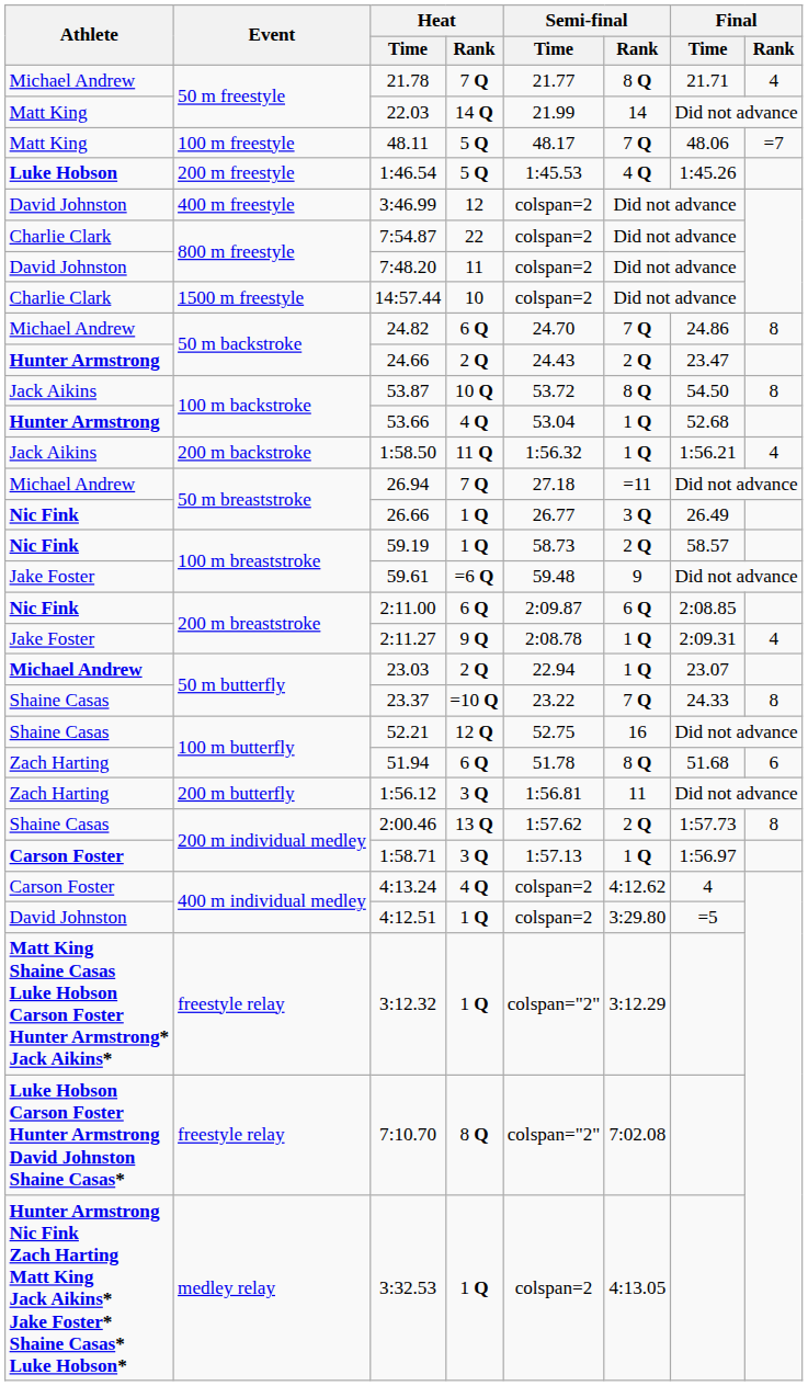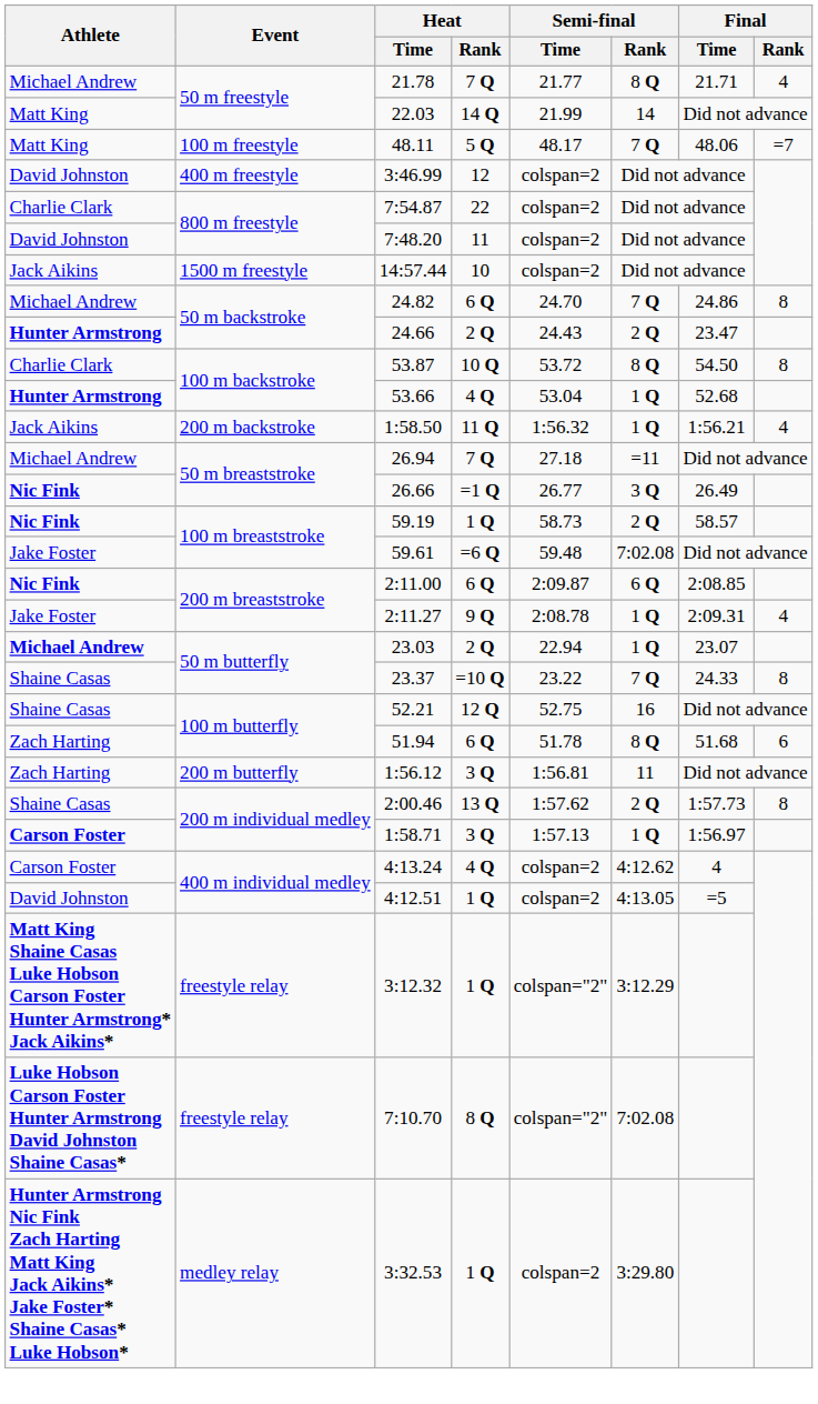 <table class="wikitable" style="text-align:center; font-size:90%">
 <tr>
 <th rowspan="2">Athlete</th>
 <th rowspan="2">Event</th>
 <th colspan="2">Heat</th>
 <th colspan="2">Semi-final</th>
 <th colspan="2">Final</th>
 </tr>
 <tr style="font-size:95%">
 <th>Time</th>
 <th>Rank</th>
 <th>Time</th>
 <th>Rank</th>
 <th>Time</th>
 <th>Rank</th>
 </tr>
 <tr>
 <td align=left><a href='#'>Michael Andrew</a></td>
 <td align=left rowspan=2><a href='#'>50 m freestyle</a></td>
 <td>21.78</td>
 <td>7 <strong>Q</strong></td>
 <td>21.77</td>
 <td>8 <strong>Q</strong></td>
 <td>21.71</td>
 <td>4</td>
 </tr>
 <tr>
 <td align=left><a href='#'>Matt King</a></td>
 <td>22.03</td>
 <td>14 <strong>Q</strong></td>
 <td>21.99</td>
 <td>14</td>
 <td colspan="2">Did not advance</td>
 </tr>
 <tr>
 <td align=left><a href='#'>Matt King</a></td>
 <td align=left><a href='#'>100 m freestyle</a></td>
 <td>48.11</td>
 <td>5 <strong>Q</strong></td>
 <td>48.17</td>
 <td>7 <strong>Q</strong></td>
 <td>48.06</td>
 <td>=7</td>
 </tr>
 <tr>
-<td align=left><strong><a href='#'>Luke Hobson</a></strong></td>
-<td align=left><a href='#'>200 m freestyle</a></td>
-<td>1:46.54</td>
-<td>5 <strong>Q</strong></td>
-<td>1:45.53</td>
-<td>4 <strong>Q</strong></td>
-<td>1:45.26</td>
-<td></td>
-</tr>
-<tr>
 <td align=left><a href='#'>David Johnston</a></td>
 <td align=left><a href='#'>400 m freestyle</a></td>
 <td>3:46.99</td>
 <td>12</td>
 <td>colspan=2 </td>
 <td colspan=2>Did not advance</td>
 </tr>
 <tr>
 <td align=left><a href='#'>Charlie Clark</a></td>
 <td align=left rowspan=2><a href='#'>800 m freestyle</a></td>
 <td>7:54.87</td>
 <td>22</td>
 <td>colspan=2 </td>
 <td colspan=2>Did not advance</td>
 </tr>
 <tr>
 <td align=left><a href='#'>David Johnston</a></td>
 <td>7:48.20</td>
 <td>11</td>
 <td>colspan=2 </td>
 <td colspan=2>Did not advance</td>
 </tr>
 <tr>
-<td align=left><a href='#'>Charlie Clark</a></td>
+<td align=left><a href='#'>Jack Aikins</a></td>
 <td align=left><a href='#'>1500 m freestyle</a></td>
 <td>14:57.44</td>
 <td>10</td>
 <td>colspan=2 </td>
 <td colspan=2>Did not advance</td>
 </tr>
 <tr>
 <td align=left><a href='#'>Michael Andrew</a></td>
 <td align=left rowspan=2><a href='#'>50 m backstroke</a></td>
 <td>24.82</td>
 <td>6 <strong>Q</strong></td>
 <td>24.70</td>
 <td>7 <strong>Q</strong></td>
 <td>24.86</td>
 <td>8</td>
 </tr>
 <tr>
 <td align=left><strong><a href='#'>Hunter Armstrong</a></strong></td>
 <td>24.66</td>
 <td>2 <strong>Q</strong></td>
 <td>24.43</td>
 <td>2 <strong>Q</strong></td>
 <td>23.47</td>
 <td></td>
 </tr>
 <tr>
-<td align=left><a href='#'>Jack Aikins</a></td>
+<td align=left><a href='#'>Charlie Clark</a></td>
 <td align=left rowspan=2><a href='#'>100 m backstroke</a></td>
 <td>53.87</td>
 <td>10 <strong>Q</strong></td>
 <td>53.72</td>
 <td>8 <strong>Q</strong></td>
 <td>54.50</td>
 <td>8</td>
 </tr>
 <tr>
 <td align=left><strong><a href='#'>Hunter Armstrong</a></strong></td>
 <td>53.66</td>
 <td>4 <strong>Q</strong></td>
 <td>53.04</td>
 <td>1 <strong>Q</strong></td>
 <td>52.68</td>
 <td></td>
 </tr>
 <tr>
 <td align=left><a href='#'>Jack Aikins</a></td>
 <td align=left><a href='#'>200 m backstroke</a></td>
 <td>1:58.50</td>
 <td>11 <strong>Q</strong></td>
 <td>1:56.32</td>
 <td>1 <strong>Q</strong></td>
 <td>1:56.21</td>
 <td>4</td>
 </tr>
 <tr>
 <td align=left><a href='#'>Michael Andrew</a></td>
 <td align=left rowspan=2><a href='#'>50 m breaststroke</a></td>
 <td>26.94</td>
 <td>7 <strong>Q</strong></td>
 <td>27.18</td>
 <td>=11</td>
 <td colspan="2">Did not advance</td>
 </tr>
 <tr>
 <td align=left><strong><a href='#'>Nic Fink</a></strong></td>
 <td>26.66</td>
-<td>1 <strong>Q</strong></td>
+<td>=1 <strong>Q</strong></td>
 <td>26.77</td>
 <td>3 <strong>Q</strong></td>
 <td>26.49</td>
 <td></td>
 </tr>
 <tr>
 <td align=left><strong><a href='#'>Nic Fink</a></strong></td>
 <td align=left rowspan=2><a href='#'>100 m breaststroke</a></td>
 <td>59.19</td>
 <td>1 <strong>Q</strong></td>
 <td>58.73</td>
 <td>2 <strong>Q</strong></td>
 <td>58.57</td>
 <td></td>
 </tr>
 <tr>
 <td align=left><a href='#'>Jake Foster</a></td>
 <td>59.61</td>
 <td>=6 <strong>Q</strong></td>
 <td>59.48</td>
-<td>9</td>
+<td>7:02.08</td>
 <td colspan="2">Did not advance</td>
 </tr>
 <tr>
 <td align=left><strong><a href='#'>Nic Fink</a></strong></td>
 <td align=left rowspan=2><a href='#'>200 m breaststroke</a></td>
 <td>2:11.00</td>
 <td>6 <strong>Q</strong></td>
 <td>2:09.87</td>
 <td>6 <strong>Q</strong></td>
 <td>2:08.85</td>
 <td></td>
 </tr>
 <tr>
 <td align=left><a href='#'>Jake Foster</a></td>
 <td>2:11.27</td>
 <td>9 <strong>Q</strong></td>
 <td>2:08.78</td>
 <td>1 <strong>Q</strong></td>
 <td>2:09.31</td>
 <td>4</td>
 </tr>
 <tr>
 <td align=left><strong><a href='#'>Michael Andrew</a></strong></td>
 <td align=left rowspan=2><a href='#'>50 m butterfly</a></td>
 <td>23.03</td>
 <td>2 <strong>Q</strong></td>
 <td>22.94</td>
 <td>1 <strong>Q</strong></td>
 <td>23.07</td>
 <td></td>
 </tr>
 <tr>
 <td align=left><a href='#'>Shaine Casas</a></td>
 <td>23.37</td>
 <td>=10 <strong>Q</strong></td>
 <td>23.22</td>
 <td>7 <strong>Q</strong></td>
 <td>24.33</td>
 <td>8</td>
 </tr>
 <tr>
 <td align=left><a href='#'>Shaine Casas</a></td>
 <td align=left rowspan=2><a href='#'>100 m butterfly</a></td>
 <td>52.21</td>
 <td>12 <strong>Q</strong></td>
 <td>52.75</td>
 <td>16</td>
 <td colspan="2">Did not advance</td>
 </tr>
 <tr>
 <td align=left><a href='#'>Zach Harting</a></td>
 <td>51.94</td>
 <td>6 <strong>Q</strong></td>
 <td>51.78</td>
 <td>8 <strong>Q</strong></td>
 <td>51.68</td>
 <td>6</td>
 </tr>
 <tr>
 <td align=left><a href='#'>Zach Harting</a></td>
 <td align=left><a href='#'>200 m butterfly</a></td>
 <td>1:56.12</td>
 <td>3 <strong>Q</strong></td>
 <td>1:56.81</td>
 <td>11</td>
 <td colspan="2">Did not advance</td>
 </tr>
 <tr>
 <td align=left><a href='#'>Shaine Casas</a></td>
 <td align=left rowspan=2><a href='#'>200 m individual medley</a></td>
 <td>2:00.46</td>
 <td>13 <strong>Q</strong></td>
 <td>1:57.62</td>
 <td>2 <strong>Q</strong></td>
 <td>1:57.73</td>
 <td>8</td>
 </tr>
 <tr>
 <td align=left><strong><a href='#'>Carson Foster</a></strong></td>
 <td>1:58.71</td>
 <td>3 <strong>Q</strong></td>
 <td>1:57.13</td>
 <td>1 <strong>Q</strong></td>
 <td>1:56.97</td>
 <td></td>
 </tr>
 <tr>
 <td align=left><a href='#'>Carson Foster</a></td>
 <td align=left rowspan=2><a href='#'>400 m individual medley</a></td>
 <td>4:13.24</td>
 <td>4 <strong>Q</strong></td>
 <td>colspan=2 </td>
 <td>4:12.62</td>
 <td>4</td>
 </tr>
 <tr>
 <td align=left><a href='#'>David Johnston</a></td>
 <td>4:12.51</td>
 <td>1 <strong>Q</strong></td>
 <td>colspan=2 </td>
-<td>3:29.80</td>
+<td>4:13.05</td>
 <td>=5</td>
 </tr>
 <tr>
 <td align=left><strong><a href='#'>Matt King</a><br><a href='#'>Shaine Casas</a><br><a href='#'>Luke Hobson</a><br><a href='#'>Carson Foster</a><br><a href='#'>Hunter Armstrong</a>*<br><a href='#'>Jack Aikins</a>*</strong></td>
 <td align=left><a href='#'> freestyle relay</a></td>
 <td>3:12.32</td>
 <td>1 <strong>Q</strong></td>
 <td>colspan="2" </td>
 <td>3:12.29</td>
 <td></td>
 </tr>
 <tr>
 <td align=left><strong><a href='#'>Luke Hobson</a><br><a href='#'>Carson Foster</a><br><a href='#'>Hunter Armstrong</a><br><a href='#'>David Johnston</a><br><a href='#'>Shaine Casas</a>*</strong></td>
 <td align=left><a href='#'> freestyle relay</a></td>
 <td>7:10.70</td>
 <td>8 <strong>Q</strong></td>
 <td>colspan="2" </td>
 <td>7:02.08</td>
 <td></td>
 </tr>
 <tr>
 <td align=left><strong><a href='#'>Hunter Armstrong</a><br><a href='#'>Nic Fink</a><br><a href='#'>Zach Harting</a><br><a href='#'>Matt King</a><br><a href='#'>Jack Aikins</a>*<br><a href='#'>Jake Foster</a>*<br><a href='#'>Shaine Casas</a>*<br><a href='#'>Luke Hobson</a>*</strong></td>
 <td align=left><a href='#'> medley relay</a></td>
 <td>3:32.53</td>
 <td>1 <strong>Q</strong></td>
 <td>colspan=2 </td>
-<td>4:13.05</td>
+<td>3:29.80</td>
 <td></td>
 </tr>
 </table>
